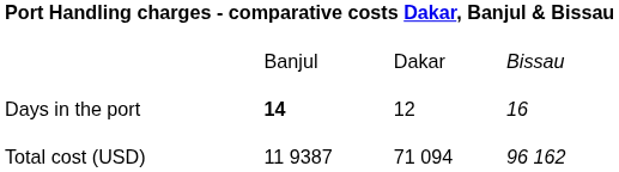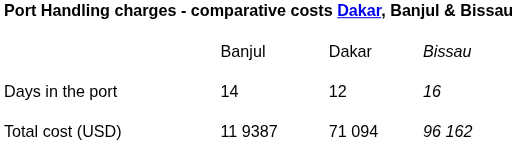 <table class="Listeclaire-Accent11">
 <tr>
 <th colspan="4"><strong>Port Handling charges - comparative costs <a href='#'>Dakar</a>, Banjul & Bissau</strong></th>
 </tr>
 <tr>
 <td></td>
 <td><br>Banjul</td>
 <td><br>Dakar</td>
 <td><br><em>Bissau</em></td>
 </tr>
 <tr>
 <td><br>Days in the port</td>
-<td><strong><br>14</strong></td>
+<td><br>14</td>
 <td><br>12</td>
 <td><br><em>16</em></td>
 </tr>
 <tr>
 <td><br>Total cost (USD)</td>
 <td><br>11 9387</td>
 <td><br>71 094</td>
 <td><br><em>96 162</em></td>
 </tr>
 </table>
